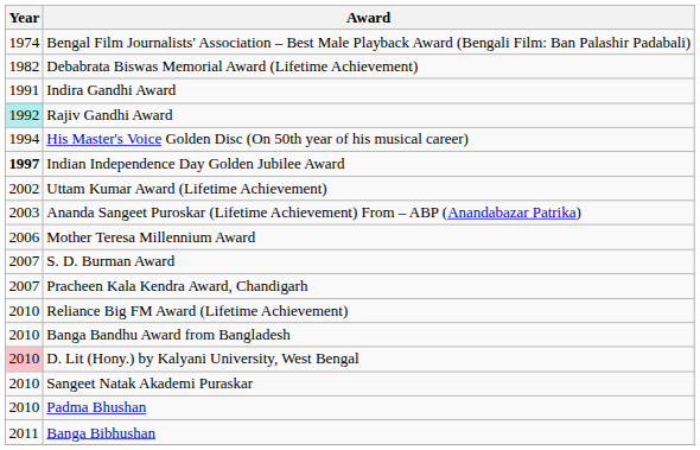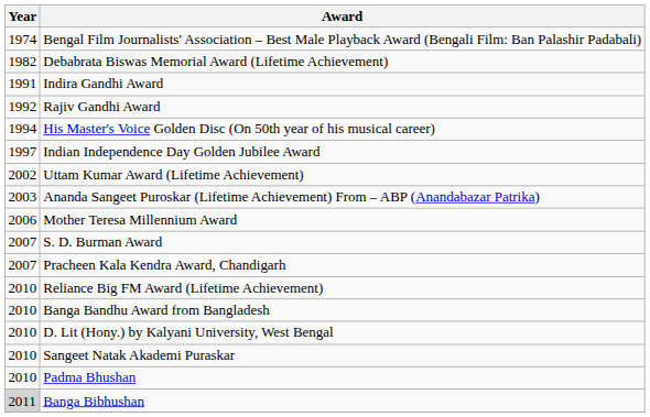 <table class="wikitable">
 <tr>
 <th>Year</th>
 <th>Award</th>
 </tr>
 <tr>
 <td>1974</td>
 <td>Bengal Film Journalists' Association – Best Male Playback Award (Bengali Film: Ban Palashir Padabali)</td>
 </tr>
 <tr>
 <td>1982</td>
 <td>Debabrata Biswas Memorial Award (Lifetime Achievement)</td>
 </tr>
 <tr>
 <td>1991</td>
 <td>Indira Gandhi Award</td>
 </tr>
 <tr>
-<td style="background: paleturquoise;">1992</td>
+<td>1992</td>
 <td>Rajiv Gandhi Award</td>
 </tr>
 <tr>
 <td>1994</td>
 <td><a href='#'>His Master's Voice</a> Golden Disc (On 50th year of his musical career)</td>
 </tr>
 <tr>
-<td><strong>1997</strong></td>
+<td>1997</td>
 <td>Indian Independence Day Golden Jubilee Award</td>
 </tr>
 <tr>
 <td>2002</td>
 <td>Uttam Kumar Award (Lifetime Achievement)</td>
 </tr>
 <tr>
 <td>2003</td>
 <td>Ananda Sangeet Puroskar (Lifetime Achievement) From – ABP (<a href='#'>Anandabazar Patrika</a>)</td>
 </tr>
 <tr>
 <td>2006</td>
 <td>Mother Teresa Millennium Award</td>
 </tr>
 <tr>
 <td>2007</td>
 <td>S. D. Burman Award</td>
 </tr>
 <tr>
 <td>2007</td>
 <td>Pracheen Kala Kendra Award, Chandigarh</td>
 </tr>
 <tr>
 <td>2010</td>
 <td>Reliance Big FM Award (Lifetime Achievement)</td>
 </tr>
 <tr>
 <td>2010</td>
 <td>Banga Bandhu Award from Bangladesh</td>
 </tr>
 <tr>
-<td style="background: pink;">2010</td>
+<td>2010</td>
 <td>D. Lit (Hony.) by Kalyani University, West Bengal</td>
 </tr>
 <tr>
 <td>2010</td>
 <td>Sangeet Natak Akademi Puraskar</td>
 </tr>
 <tr>
 <td>2010</td>
 <td><a href='#'>Padma Bhushan</a></td>
 </tr>
 <tr>
-<td>2011</td>
+<td style="background: lightgrey;">2011</td>
 <td><a href='#'>Banga Bibhushan</a></td>
 </tr>
 <tr>
 </tr>
 </table>
